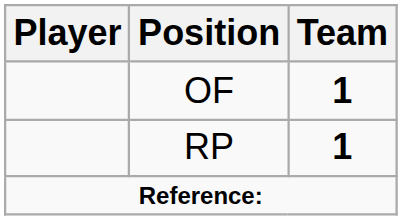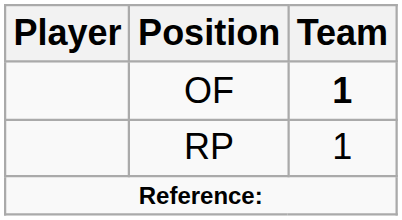 <table class="wikitable sortable sortable" style="text-align: center">
 <tr align=center>
 <th>Player</th>
 <th>Position</th>
 <th>Team</th>
 </tr>
 <tr>
 <td></td>
 <td>OF</td>
 <td><strong>1</strong></td>
 </tr>
 <tr>
 <td></td>
 <td>RP</td>
-<td><strong>1</strong></td>
+<td>1</td>
 </tr>
 <tr class="sortbottom">
 <td colspan="4"  style="font-size:8pt; text-align:center;"><strong>Reference:</strong></td>
 </tr>
 </table>
